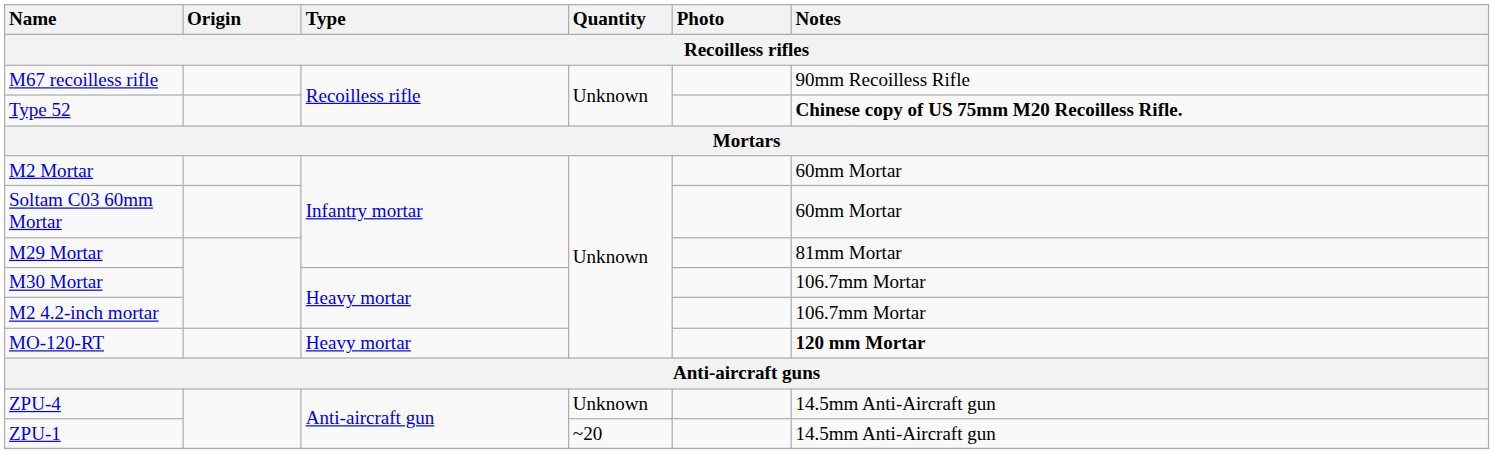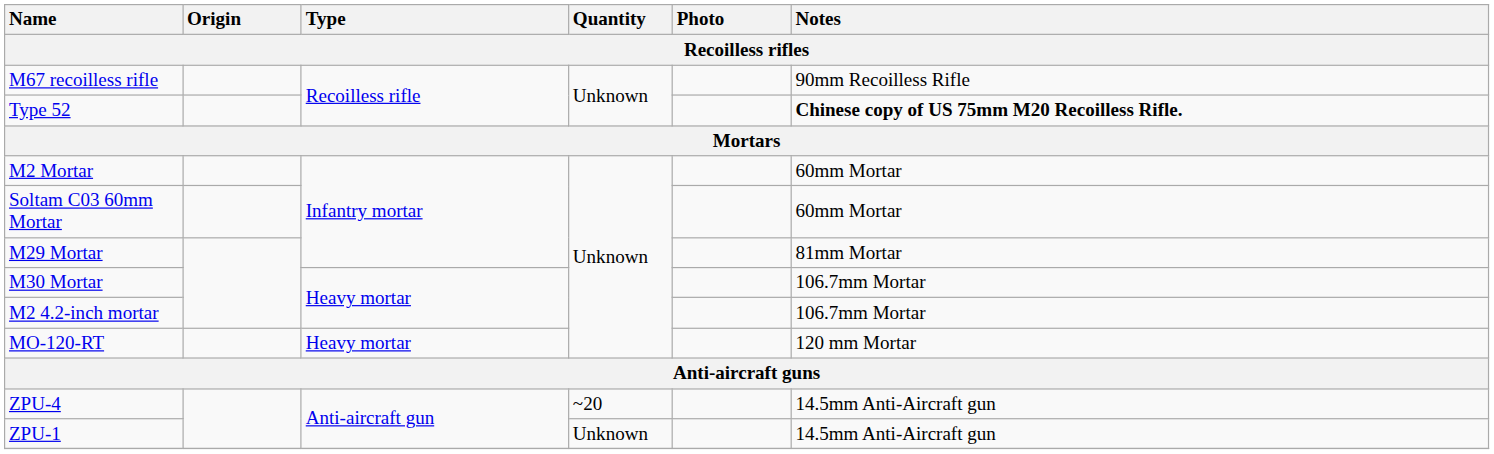 <table class="wikitable mw-collapsible">
 <tr>
 <th style="text-align: left; width:12%;">Name</th>
 <th style="text-align: left; width:8%;">Origin</th>
 <th style="text-align: left; width:18%;">Type</th>
 <th style="text-align: left; width:7%;">Quantity</th>
 <th style="text-align: left;width:8%;">Photo</th>
 <th style="text-align: left;width:47%;">Notes</th>
 </tr>
 <tr>
 <th style="align: center;" colspan="7">Recoilless rifles</th>
 </tr>
 <tr>
 <td><a href='#'>M67 recoilless rifle</a></td>
 <td></td>
 <td rowspan="2"><a href='#'>Recoilless rifle</a></td>
 <td rowspan="2">Unknown</td>
 <td></td>
 <td>90mm Recoilless Rifle </td>
 </tr>
 <tr>
 <td><a href='#'>Type 52</a></td>
 <td></td>
 <td></td>
 <td><strong>Chinese copy of US 75mm M20 Recoilless Rifle.</strong></td>
 </tr>
 <tr>
 <th style="align: center;" colspan="7">Mortars</th>
 </tr>
 <tr>
 <td><a href='#'>M2 Mortar</a></td>
 <td></td>
 <td rowspan="3"><a href='#'>Infantry mortar</a></td>
 <td rowspan="6">Unknown</td>
 <td></td>
 <td>60mm Mortar </td>
 </tr>
 <tr>
 <td><a href='#'>Soltam C03 60mm Mortar</a></td>
 <td></td>
 <td></td>
 <td>60mm Mortar </td>
 </tr>
 <tr>
 <td><a href='#'>M29 Mortar</a></td>
 <td rowspan="3"></td>
 <td></td>
 <td>81mm Mortar </td>
 </tr>
 <tr>
 <td><a href='#'>M30 Mortar</a></td>
 <td rowspan="2"><a href='#'>Heavy mortar</a></td>
 <td></td>
 <td>106.7mm Mortar </td>
 </tr>
 <tr>
 <td><a href='#'>M2 4.2-inch mortar</a></td>
 <td></td>
 <td>106.7mm Mortar </td>
 </tr>
 <tr>
 <td><a href='#'>MO-120-RT</a></td>
 <td></td>
 <td><a href='#'>Heavy mortar</a></td>
 <td></td>
-<td><strong>120 mm Mortar </strong></td>
+<td>120 mm Mortar </td>
 </tr>
 <tr>
 <th style="align: center;" colspan="7">Anti-aircraft guns</th>
 </tr>
 <tr>
 <td><a href='#'>ZPU-4</a></td>
 <td rowspan="2"></td>
 <td rowspan="2"><a href='#'>Anti-aircraft gun</a></td>
-<td>Unknown</td>
+<td>~20</td>
 <td></td>
 <td>14.5mm Anti-Aircraft gun </td>
 </tr>
 <tr>
 <td><a href='#'>ZPU-1</a></td>
-<td>~20</td>
+<td>Unknown</td>
 <td></td>
 <td>14.5mm Anti-Aircraft gun<br></td>
 </tr>
 <tr>
 </tr>
 </table>
